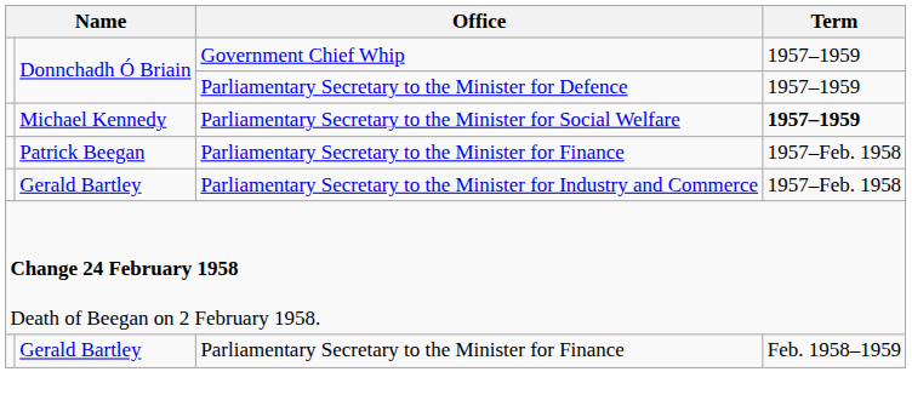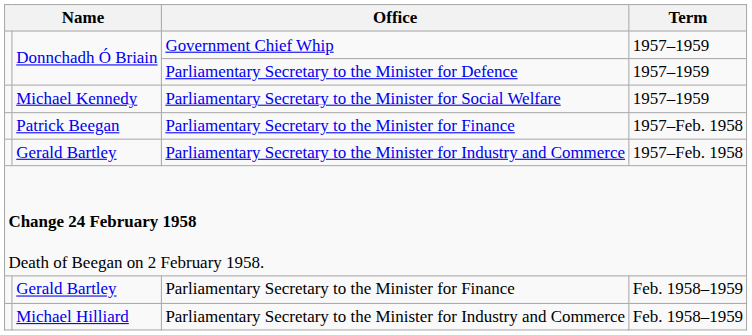 <table class="wikitable">
 <tr>
 <th colspan="2">Name</th>
 <th>Office</th>
 <th>Term</th>
 </tr>
 <tr>
 <td rowspan="2" style="background-color: "></td>
 <td rowspan="2"><a href='#'>Donnchadh Ó Briain</a></td>
 <td><a href='#'>Government Chief Whip</a></td>
 <td>1957–1959</td>
 </tr>
 <tr>
 <td><a href='#'>Parliamentary Secretary to the Minister for Defence</a></td>
 <td>1957–1959</td>
 </tr>
 <tr>
 <td style="background-color: "></td>
 <td><a href='#'>Michael Kennedy</a></td>
 <td><a href='#'>Parliamentary Secretary to the Minister for Social Welfare</a></td>
-<td><strong>1957–1959</strong></td>
+<td>1957–1959</td>
 </tr>
 <tr>
 <td style="background-color: "></td>
 <td><a href='#'>Patrick Beegan</a></td>
 <td><a href='#'>Parliamentary Secretary to the Minister for Finance</a></td>
 <td>1957–Feb. 1958</td>
 </tr>
 <tr>
 <td style="background-color: "></td>
 <td><a href='#'>Gerald Bartley</a></td>
 <td><a href='#'>Parliamentary Secretary to the Minister for Industry and Commerce</a></td>
 <td>1957–Feb. 1958</td>
 </tr>
 <tr>
 <td colspan=4><br><h4>Change 24 February 1958</h4>Death of Beegan on 2 February 1958.</td>
 </tr>
 <tr>
 <td style="background-color: "></td>
 <td><a href='#'>Gerald Bartley</a></td>
 <td>Parliamentary Secretary to the Minister for Finance</td>
 <td>Feb. 1958–1959</td>
 </tr>
+<tr>
+<td style="background-color: "></td>
+<td><a href='#'>Michael Hilliard</a></td>
+<td>Parliamentary Secretary to the Minister for Industry and Commerce</td>
+<td>Feb. 1958–1959</td>
+</tr>
 </table>
